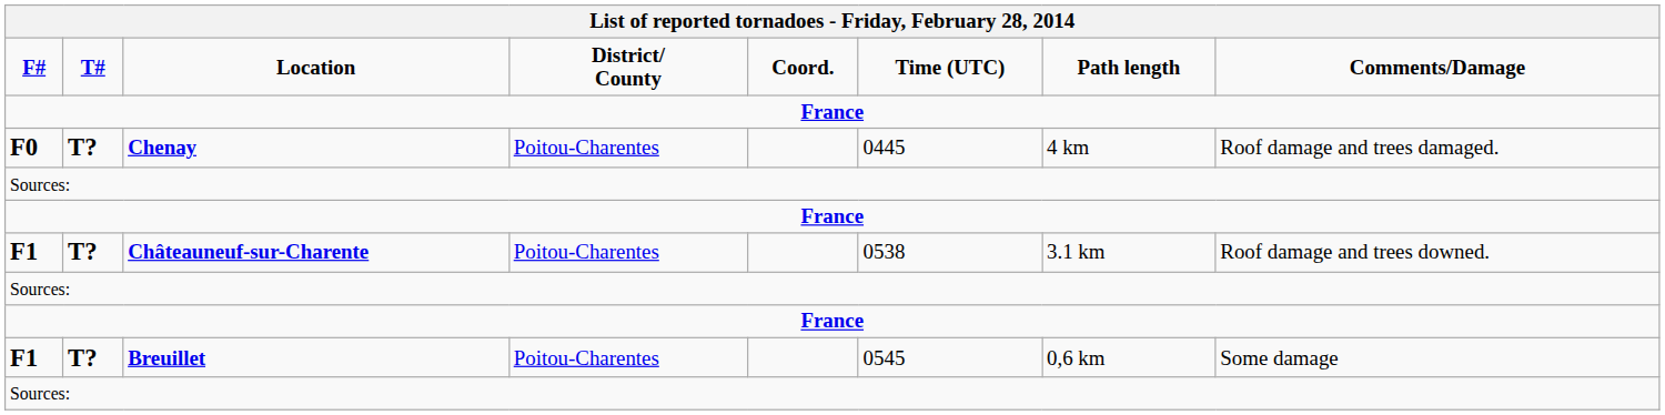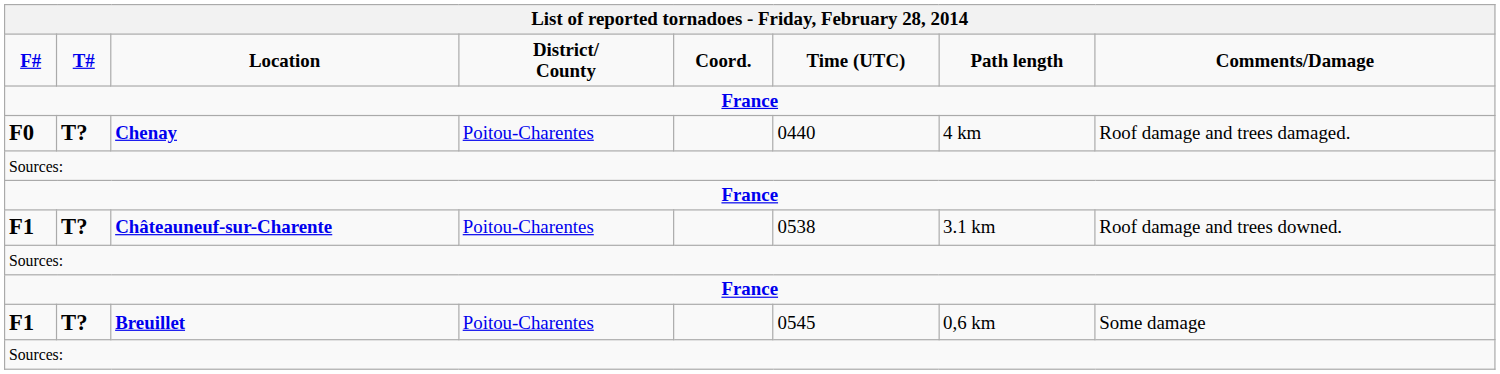 <table class="wikitable collapsible" width="100%">
 <tr>
 <th colspan="8">List of reported tornadoes - Friday, February 28, 2014</th>
 </tr>
 <tr>
 <td style="text-align: center;"><strong><a href='#'>F#</a></strong></td>
 <td style="text-align: center;"><strong><a href='#'>T#</a></strong></td>
 <td style="text-align: center;"><strong>Location</strong></td>
 <td style="text-align: center;"><strong>District/<br>County</strong></td>
 <td style="text-align: center;"><strong>Coord.</strong></td>
 <td style="text-align: center;"><strong>Time (UTC)</strong></td>
 <td style="text-align: center;"><strong>Path length</strong></td>
 <td style="text-align: center;"><strong>Comments/Damage</strong></td>
 </tr>
 <tr>
 <td colspan="8" align=center><strong><a href='#'>France</a></strong></td>
 </tr>
 <tr>
 <td><big><strong>F0</strong></big></td>
 <td><big><strong>T?</strong></big></td>
 <td><strong><a href='#'>Chenay</a></strong></td>
 <td><a href='#'>Poitou-Charentes</a></td>
 <td></td>
-<td>0445</td>
+<td>0440</td>
 <td>4 km</td>
 <td>Roof damage and trees damaged.</td>
 </tr>
 <tr>
 <td colspan="8"><small>Sources:</small></td>
 </tr>
 <tr>
 <td colspan="8" align=center><strong><a href='#'>France</a></strong></td>
 </tr>
 <tr>
 <td><big><strong>F1</strong></big></td>
 <td><big><strong>T?</strong></big></td>
 <td><strong><a href='#'>Châteauneuf-sur-Charente</a></strong></td>
 <td><a href='#'>Poitou-Charentes</a></td>
 <td></td>
 <td>0538</td>
 <td>3.1 km</td>
 <td>Roof damage and trees downed.</td>
 </tr>
 <tr>
 <td colspan="8"><small>Sources:</small></td>
 </tr>
 <tr>
 <td colspan="8" align=center><strong><a href='#'>France</a></strong></td>
 </tr>
 <tr>
 <td><big><strong>F1</strong></big></td>
 <td><big><strong>T?</strong></big></td>
 <td><strong><a href='#'>Breuillet</a></strong></td>
 <td><a href='#'>Poitou-Charentes</a></td>
 <td></td>
 <td>0545</td>
 <td>0,6 km</td>
 <td>Some damage</td>
 </tr>
 <tr>
 <td colspan="8"><small>Sources:</small></td>
 </tr>
 </table>
